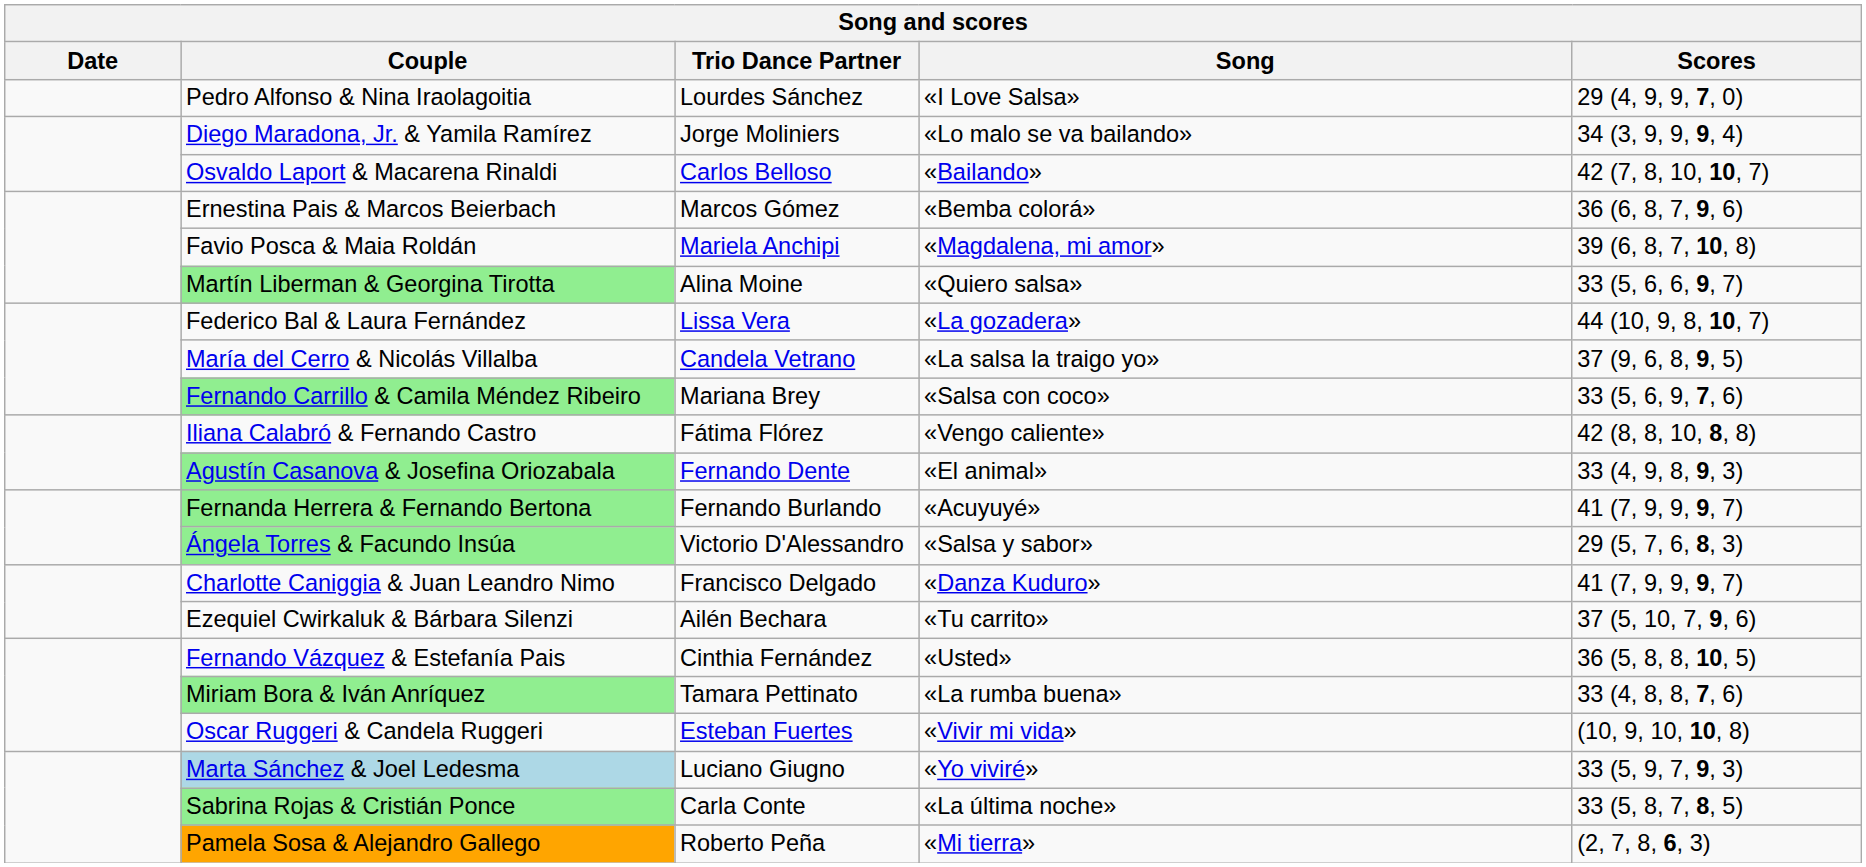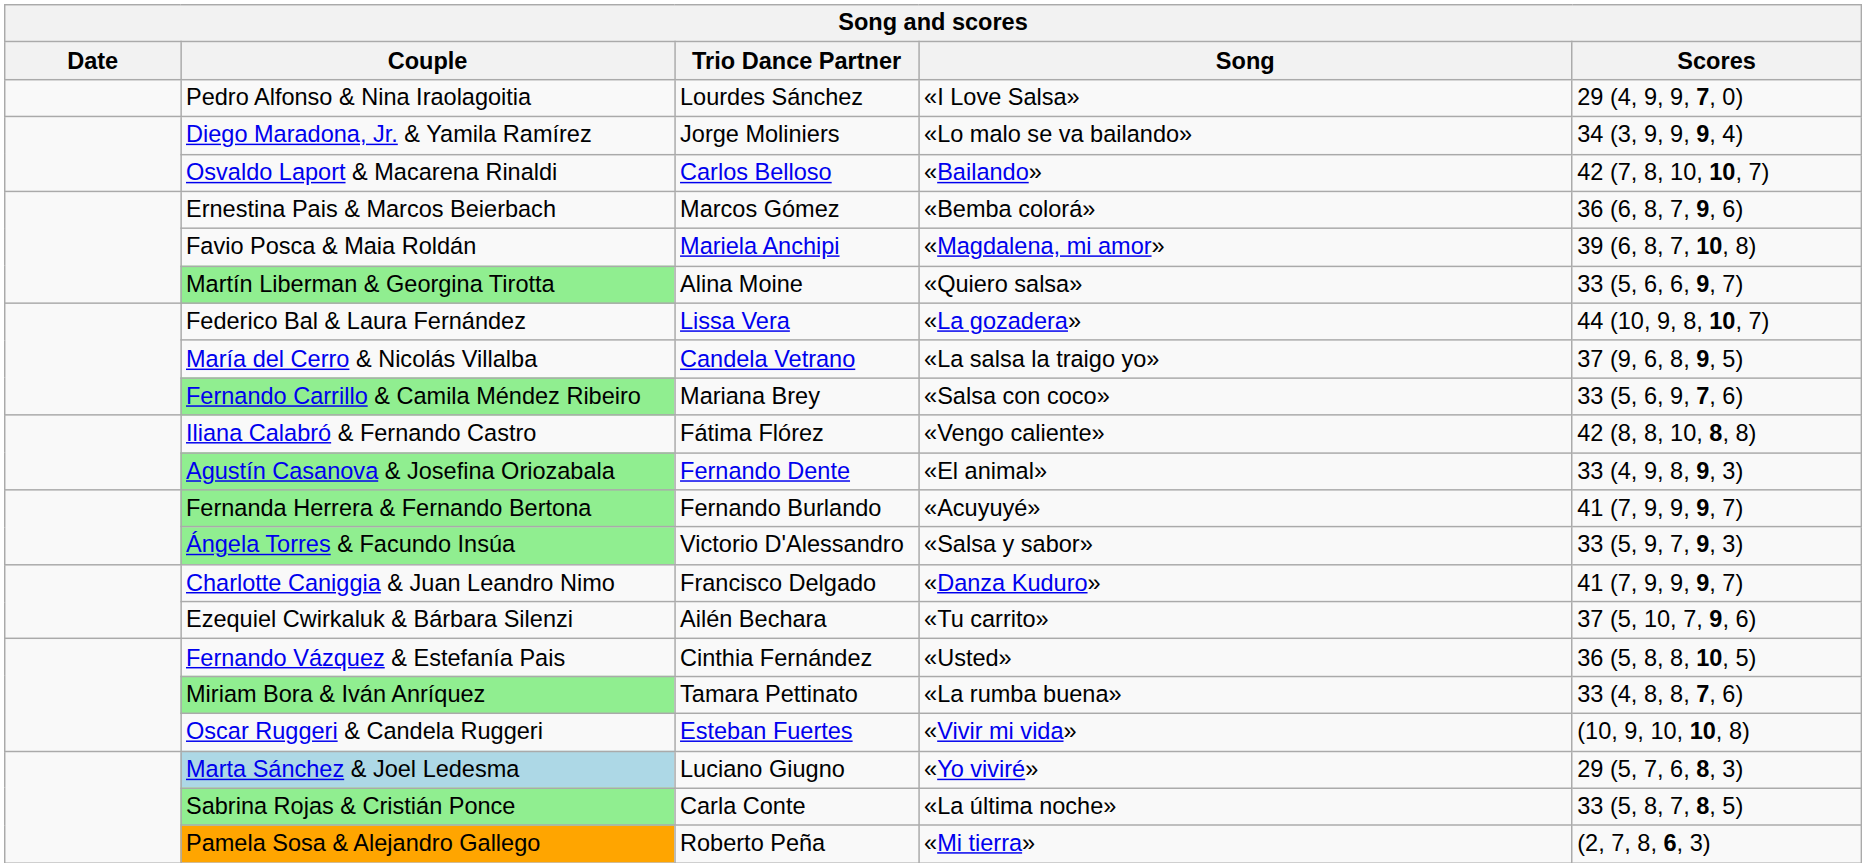 <table class="wikitable collapsible collapsed" style=" text-align: align; width: 100%;">
 <tr>
 <th colspan="11" style="with: 100%;" align="center">Song and scores</th>
 </tr>
 <tr>
 <th width=70>Date</th>
 <th width=210>Couple</th>
 <th width=100>Trio Dance Partner</th>
 <th width=280>Song</th>
 <th width=120>Scores</th>
 </tr>
 <tr>
 <td rowspan="1"></td>
 <td bgcolor="">Pedro Alfonso & Nina Iraolagoitia</td>
 <td bgcolor="">Lourdes Sánchez</td>
 <td>«I Love Salsa» </td>
 <td>29 (4, 9, 9, <strong>7</strong>, 0)</td>
 </tr>
 <tr>
 <td rowspan="2"></td>
 <td bgcolor=""><a href='#'>Diego Maradona, Jr.</a> & Yamila Ramírez</td>
 <td bgcolor="">Jorge Moliniers</td>
 <td>«Lo malo se va bailando» </td>
 <td>34 (3, 9, 9, <strong>9</strong>, 4)</td>
 </tr>
 <tr>
 <td bgcolor=""><a href='#'>Osvaldo Laport</a> & Macarena Rinaldi</td>
 <td bgcolor=""><a href='#'>Carlos Belloso</a></td>
 <td>«<a href='#'>Bailando</a>» </td>
 <td>42 (7, 8, 10, <strong>10</strong>, 7)</td>
 </tr>
 <tr>
 <td rowspan="3"></td>
 <td bgcolor="">Ernestina Pais & Marcos Beierbach</td>
 <td bgcolor="">Marcos Gómez</td>
 <td>«Bemba colorá» </td>
 <td>36 (6, 8, 7, <strong>9</strong>, 6)</td>
 </tr>
 <tr>
 <td bgcolor="">Favio Posca & Maia Roldán</td>
 <td bgcolor=""><a href='#'>Mariela Anchipi</a></td>
 <td>«<a href='#'>Magdalena, mi amor</a>» </td>
 <td>39 (6, 8, 7, <strong>10</strong>, 8)</td>
 </tr>
 <tr>
 <td bgcolor="lightgreen">Martín Liberman & Georgina Tirotta</td>
 <td bgcolor="">Alina Moine</td>
 <td>«Quiero salsa» </td>
 <td>33 (5, 6, 6, <strong>9</strong>, 7)</td>
 </tr>
 <tr>
 <td rowspan="3"></td>
 <td bgcolor="">Federico Bal & Laura Fernández</td>
 <td bgcolor=""><a href='#'>Lissa Vera</a></td>
 <td>«<a href='#'>La gozadera</a>» </td>
 <td>44 (10, 9, 8, <strong>10</strong>, 7)</td>
 </tr>
 <tr>
 <td bgcolor=""><a href='#'>María del Cerro</a> & Nicolás Villalba</td>
 <td bgcolor=""><a href='#'>Candela Vetrano</a></td>
 <td>«La salsa la traigo yo» </td>
 <td>37 (9, 6, 8, <strong>9</strong>, 5)</td>
 </tr>
 <tr>
 <td bgcolor="lightgreen"><a href='#'>Fernando Carrillo</a> & Camila Méndez Ribeiro</td>
 <td bgcolor="">Mariana Brey</td>
 <td>«Salsa con coco» </td>
 <td>33 (5, 6, 9, <strong>7</strong>, 6)</td>
 </tr>
 <tr>
 <td rowspan="2"></td>
 <td bgcolor=""><a href='#'>Iliana Calabró</a> & Fernando Castro</td>
 <td bgcolor="">Fátima Flórez</td>
 <td>«Vengo caliente» </td>
 <td>42 (8, 8, 10, <strong>8</strong>, 8)</td>
 </tr>
 <tr>
 <td bgcolor="lightgreen"><a href='#'>Agustín Casanova</a> & Josefina Oriozabala</td>
 <td bgcolor=""><a href='#'>Fernando Dente</a></td>
 <td>«El animal» </td>
 <td>33 (4, 9, 8, <strong>9</strong>, 3)</td>
 </tr>
 <tr>
 <td rowspan="2"></td>
 <td bgcolor="lightgreen">Fernanda Herrera & Fernando Bertona</td>
 <td bgcolor="">Fernando Burlando</td>
 <td>«Acuyuyé» </td>
 <td>41 (7, 9, 9, <strong>9</strong>, 7)</td>
 </tr>
 <tr>
 <td bgcolor="lightgreen"><a href='#'>Ángela Torres</a> & Facundo Insúa</td>
 <td bgcolor="">Victorio D'Alessandro</td>
 <td>«Salsa y sabor» </td>
-<td>29 (5, 7, 6, <strong>8</strong>, 3)</td>
+<td>33 (5, 9, 7, <strong>9</strong>, 3)</td>
 </tr>
 <tr>
 <td rowspan="2"></td>
 <td bgcolor=""><a href='#'>Charlotte Caniggia</a> & Juan Leandro Nimo</td>
 <td bgcolor="">Francisco Delgado</td>
 <td>«<a href='#'>Danza Kuduro</a>» </td>
 <td>41 (7, 9, 9, <strong>9</strong>, 7)</td>
 </tr>
 <tr>
 <td bgcolor="">Ezequiel Cwirkaluk & Bárbara Silenzi</td>
 <td bgcolor="">Ailén Bechara</td>
 <td>«Tu carrito» </td>
 <td>37 (5, 10, 7, <strong>9</strong>, 6)</td>
 </tr>
 <tr>
 <td rowspan="3"></td>
 <td bgcolor=""><a href='#'>Fernando Vázquez</a> & Estefanía Pais</td>
 <td bgcolor="">Cinthia Fernández</td>
 <td>«Usted» </td>
 <td>36 (5, 8, 8, <strong>10</strong>, 5)</td>
 </tr>
 <tr>
 <td bgcolor="lightgreen">Miriam Bora & Iván Anríquez</td>
 <td bgcolor="">Tamara Pettinato</td>
 <td>«La rumba buena» </td>
 <td>33 (4, 8, 8, <strong>7</strong>, 6)</td>
 </tr>
 <tr>
 <td bgcolor=""><a href='#'>Oscar Ruggeri</a> & Candela Ruggeri</td>
 <td bgcolor=""><a href='#'>Esteban Fuertes</a></td>
 <td>«<a href='#'>Vivir mi vida</a>» </td>
 <td> (10, 9, 10, <strong>10</strong>, 8)</td>
 </tr>
 <tr>
 <td rowspan="3"></td>
 <td bgcolor="lightblue"><a href='#'>Marta Sánchez</a> & Joel Ledesma</td>
 <td bgcolor="">Luciano Giugno</td>
 <td>«<a href='#'>Yo viviré</a>» </td>
-<td>33 (5, 9, 7, <strong>9</strong>, 3)</td>
+<td>29 (5, 7, 6, <strong>8</strong>, 3)</td>
 </tr>
 <tr>
 <td bgcolor="lightgreen">Sabrina Rojas & Cristián Ponce</td>
 <td bgcolor="">Carla Conte</td>
 <td>«La última noche» </td>
 <td>33 (5, 8, 7, <strong>8</strong>, 5)</td>
 </tr>
 <tr>
 <td bgcolor="orange">Pamela Sosa & Alejandro Gallego</td>
 <td bgcolor="">Roberto Peña</td>
 <td>«<a href='#'>Mi tierra</a>» </td>
 <td> (2, 7, 8, <strong>6</strong>, 3)</td>
 </tr>
 </table>
